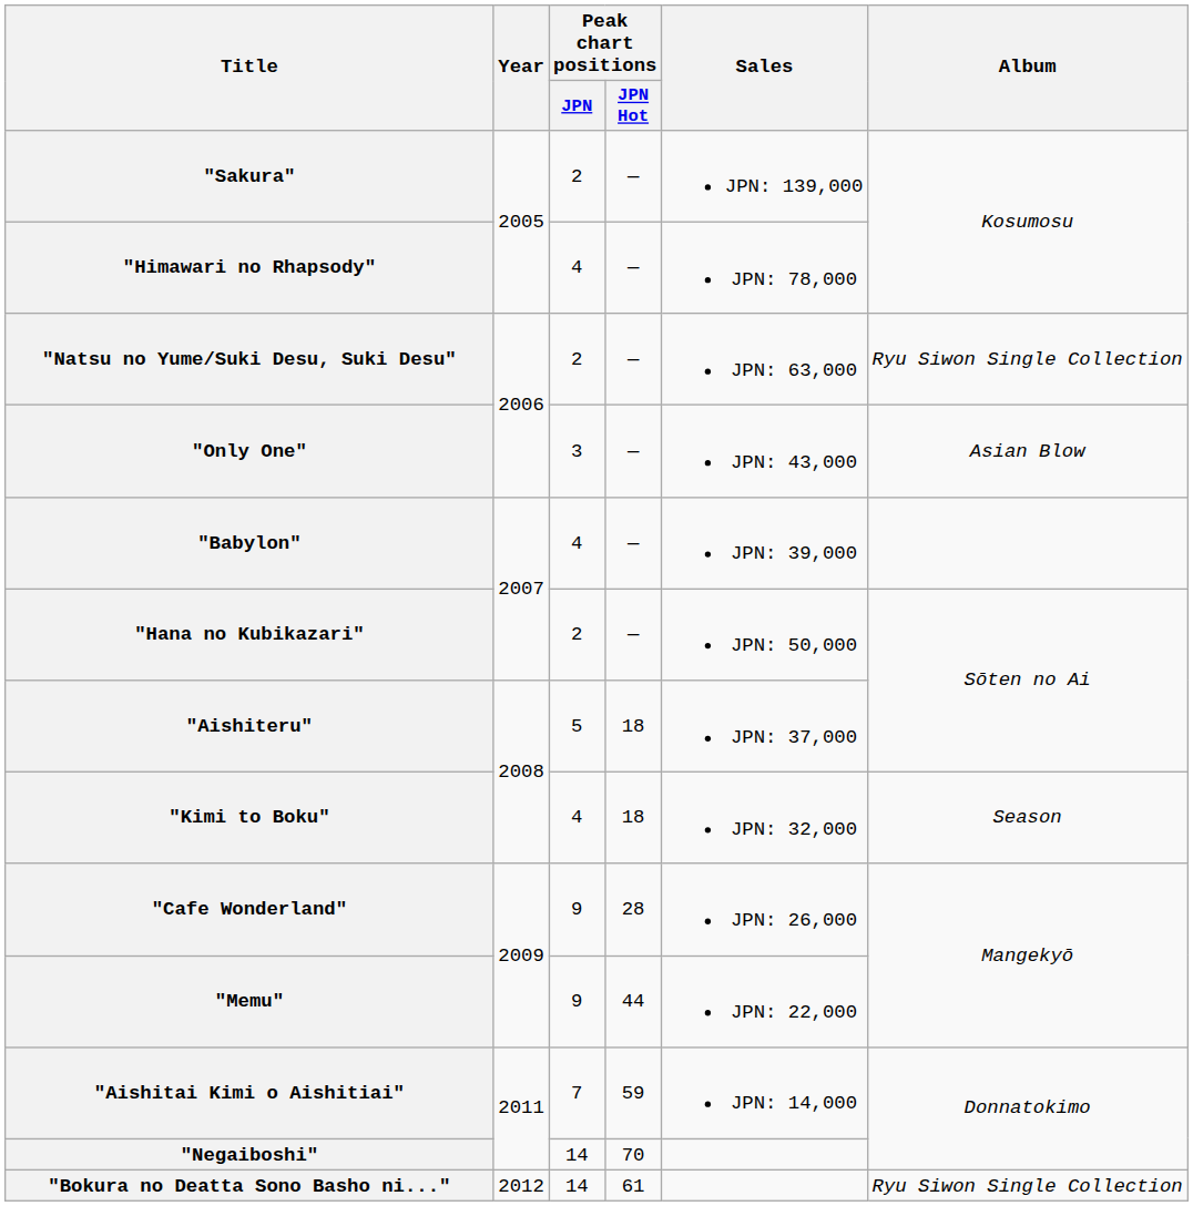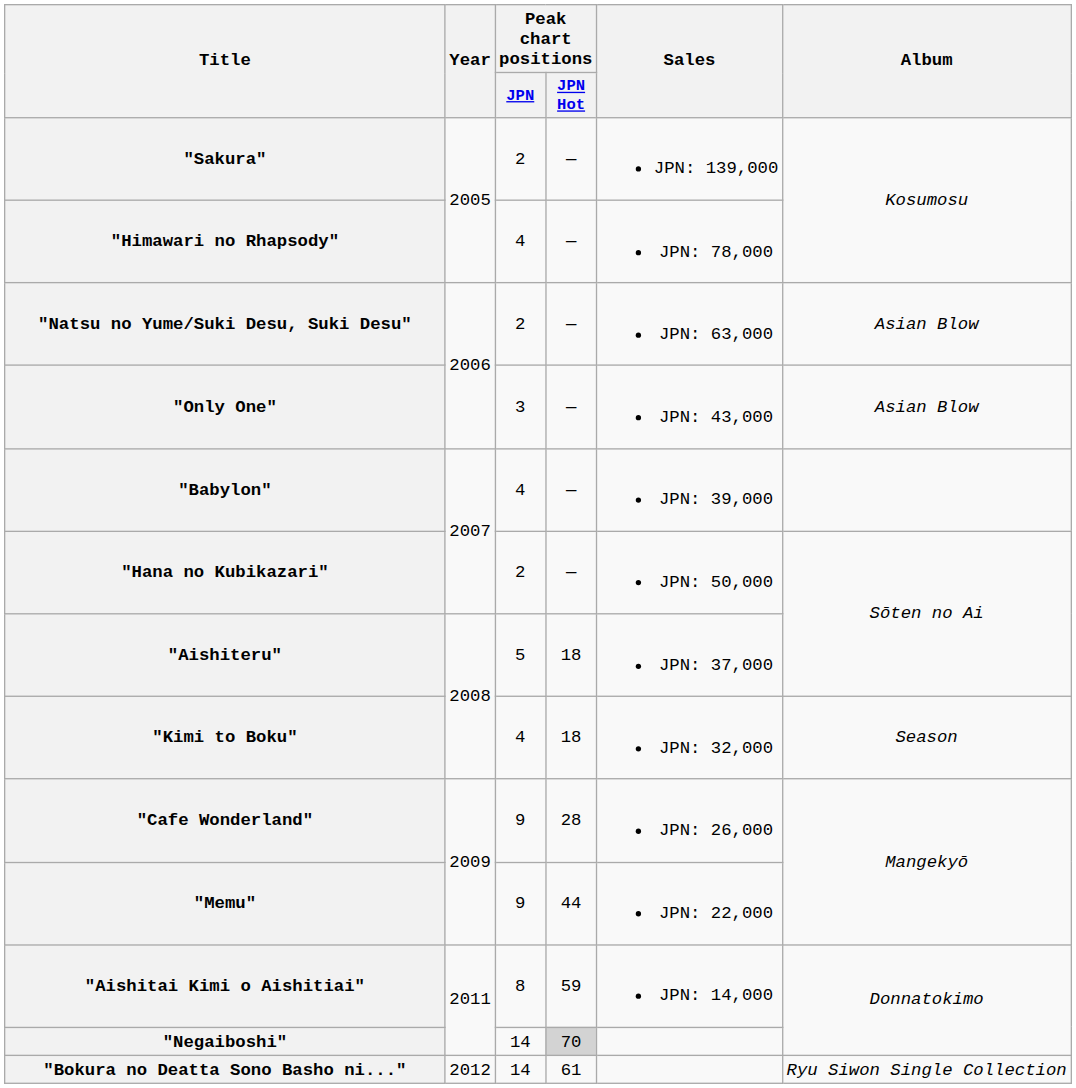 <table class="wikitable plainrowheaders" style="text-align:center;">
 <tr>
 <th rowspan="2" style="width:25em;">Title</th>
 <th rowspan="2">Year</th>
 <th colspan="2">Peak chart positions</th>
 <th rowspan="2">Sales</th>
 <th rowspan="2">Album</th>
 </tr>
 <tr>
 <th scope="col" style="width:2.5em;font-size:90%;"><a href='#'>JPN</a><br></th>
 <th scope="col" style="width:2.5em;font-size:90%;"><a href='#'>JPN<br>Hot</a><br></th>
 </tr>
 <tr>
 <th scope="row">"Sakura" </th>
 <td rowspan="2">2005</td>
 <td>2</td>
 <td>—</td>
 <td><br><ul><li>JPN: 139,000</li></ul></td>
 <td rowspan="2"><em>Kosumosu</em></td>
 </tr>
 <tr>
 <th scope="row">"Himawari no Rhapsody" </th>
 <td>4</td>
 <td>—</td>
 <td><br><ul><li>JPN: 78,000</li></ul></td>
 </tr>
 <tr>
 <th scope="row">"Natsu no Yume/Suki Desu, Suki Desu" </th>
 <td rowspan="2">2006</td>
 <td>2</td>
 <td>—</td>
 <td><br><ul><li>JPN: 63,000</li></ul></td>
-<td><em>Ryu Siwon Single Collection</em></td>
+<td><em>Asian Blow</em></td>
 </tr>
 <tr>
 <th scope="row">"Only One"</th>
 <td>3</td>
 <td>—</td>
 <td><br><ul><li>JPN: 43,000</li></ul></td>
 <td><em>Asian Blow</em></td>
 </tr>
 <tr>
 <th scope="row">"Babylon"</th>
 <td rowspan="2">2007</td>
 <td>4</td>
 <td>—</td>
 <td><br><ul><li>JPN: 39,000</li></ul></td>
 </tr>
 <tr>
 <th scope="row">"Hana no Kubikazari" </th>
 <td>2</td>
 <td>—</td>
 <td><br><ul><li>JPN: 50,000</li></ul></td>
 <td rowspan="2"><em>Sōten no Ai</em></td>
 </tr>
 <tr>
 <th scope="row">"Aishiteru" </th>
 <td rowspan="2">2008</td>
 <td>5</td>
 <td>18</td>
 <td><br><ul><li>JPN: 37,000</li></ul></td>
 </tr>
 <tr>
 <th scope="row">"Kimi to Boku" </th>
 <td>4</td>
 <td>18</td>
 <td><br><ul><li>JPN: 32,000</li></ul></td>
 <td><em>Season</em></td>
 </tr>
 <tr>
 <th scope="row">"Cafe Wonderland"</th>
 <td rowspan="2">2009</td>
 <td>9</td>
 <td>28</td>
 <td><br><ul><li>JPN: 26,000</li></ul></td>
 <td rowspan="2"><em>Mangekyō</em></td>
 </tr>
 <tr>
 <th scope="row">"Memu" </th>
 <td>9</td>
 <td>44</td>
 <td><br><ul><li>JPN: 22,000</li></ul></td>
 </tr>
 <tr>
 <th scope="row">"Aishitai Kimi o Aishitiai" </th>
 <td rowspan="2">2011</td>
-<td>7</td>
+<td>8</td>
 <td>59</td>
 <td><br><ul><li>JPN: 14,000</li></ul></td>
 <td rowspan="2"><em>Donnatokimo</em></td>
 </tr>
 <tr>
 <th scope="row">"Negaiboshi" </th>
 <td>14</td>
-<td>70</td>
+<td style="background: lightgrey;">70</td>
 <td></td>
 </tr>
 <tr>
 <th scope="row">"Bokura no Deatta Sono Basho ni..." </th>
 <td>2012</td>
 <td>14</td>
 <td>61</td>
 <td></td>
 <td><em>Ryu Siwon Single Collection</em></td>
 </tr>
 </table>
